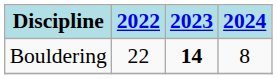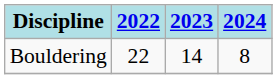 <table class="wikitable" style="text-align: center">
 <tr>
 <th style="background: #b0e0e6">Discipline</th>
 <th style="background: #b0e0e6"><a href='#'>2022</a></th>
 <th style="background: #b0e0e6"><a href='#'>2023</a></th>
 <th style="background: #b0e0e6"><a href='#'>2024</a></th>
 </tr>
 <tr>
 <td align="left">Bouldering</td>
 <td>22</td>
-<td><strong>14</strong></td>
+<td>14</td>
 <td>8</td>
 </tr>
 <tr>
 </tr>
 </table>
